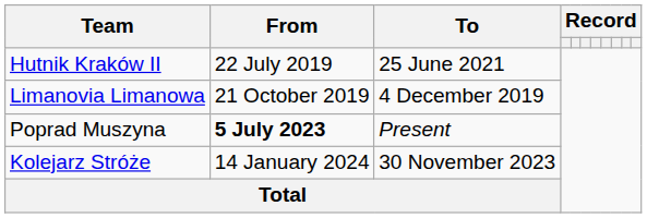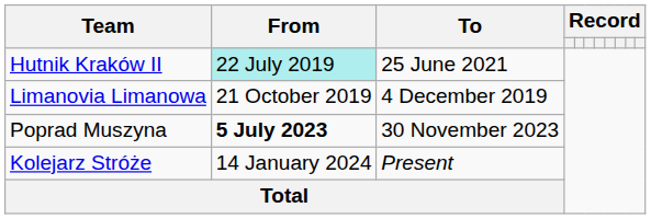 <table class="wikitable" style="text-align: center;">
 <tr>
 <th rowspan="2">Team</th>
 <th rowspan="2">From</th>
 <th rowspan="2">To</th>
 <th colspan="8">Record</th>
 </tr>
 <tr>
 <th></th>
 <th></th>
 <th></th>
 <th></th>
 <th></th>
 <th></th>
 <th></th>
 <th></th>
 </tr>
 <tr>
 <td align=left><a href='#'>Hutnik Kraków II</a></td>
-<td align=left>22 July 2019</td>
+<td align=left style="background: paleturquoise;">22 July 2019</td>
 <td align=left>25 June 2021<br></td>
 </tr>
 <tr>
 <td align=left><a href='#'>Limanovia Limanowa</a></td>
 <td align=left>21 October 2019</td>
 <td align=left>4 December 2019<br></td>
 </tr>
 <tr>
 <td align=left>Poprad Muszyna</td>
 <td align=left><strong>5 July 2023</strong></td>
-<td align=left><em>Present</em><br></td>
+<td align=left>30 November 2023<br></td>
 </tr>
 <tr>
 <td align=left><a href='#'>Kolejarz Stróże</a></td>
 <td align=left>14 January 2024</td>
-<td align=left>30 November 2023<br></td>
+<td align=left><em>Present</em><br></td>
 </tr>
 <tr>
 <th colspan="3">Total<br></th>
 </tr>
 </table>
